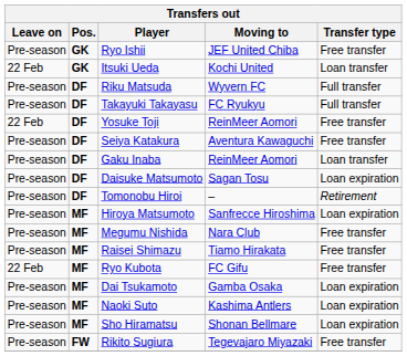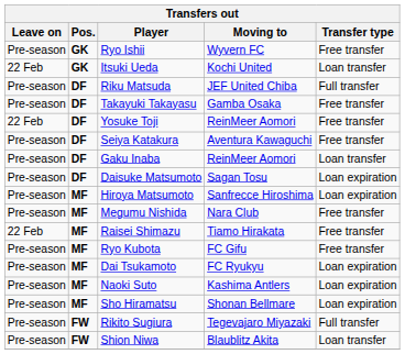 <table class="wikitable sortable" style=“text-align:left;>
 <tr>
 <th colspan="5">Transfers out</th>
 </tr>
 <tr>
 <th>Leave on</th>
 <th>Pos.</th>
 <th>Player</th>
 <th>Moving to</th>
 <th>Transfer type</th>
 </tr>
 <tr>
 <td>Pre-season</td>
 <td><strong>GK</strong></td>
 <td> <a href='#'>Ryo Ishii</a></td>
-<td> <a href='#'>JEF United Chiba</a></td>
+<td> <a href='#'>Wyvern FC</a></td>
 <td>Free transfer</td>
 </tr>
 <tr>
 <td>22 Feb</td>
 <td><strong>GK</strong></td>
 <td> <a href='#'>Itsuki Ueda</a></td>
 <td> <a href='#'>Kochi United</a></td>
 <td>Loan transfer</td>
 </tr>
 <tr>
 <td>Pre-season</td>
 <td><strong>DF</strong></td>
 <td> <a href='#'>Riku Matsuda</a></td>
-<td> <a href='#'>Wyvern FC</a></td>
+<td> <a href='#'>JEF United Chiba</a></td>
 <td>Full transfer</td>
 </tr>
 <tr>
 <td>Pre-season</td>
 <td><strong>DF</strong></td>
 <td> <a href='#'>Takayuki Takayasu</a></td>
-<td> <a href='#'>FC Ryukyu</a></td>
-<td>Full transfer</td>
+<td> <a href='#'>Gamba Osaka</a></td>
+<td>Free transfer</td>
 </tr>
 <tr>
 <td>22 Feb</td>
 <td><strong>DF</strong></td>
 <td> <a href='#'>Yosuke Toji</a></td>
 <td> <a href='#'>ReinMeer Aomori</a></td>
 <td>Free transfer</td>
 </tr>
 <tr>
 <td>Pre-season</td>
 <td><strong>DF</strong></td>
 <td> <a href='#'>Seiya Katakura</a></td>
 <td> <a href='#'>Aventura Kawaguchi</a></td>
 <td>Free transfer</td>
 </tr>
 <tr>
 <td>Pre-season</td>
 <td><strong>DF</strong></td>
 <td> <a href='#'>Gaku Inaba</a></td>
 <td> <a href='#'>ReinMeer Aomori</a></td>
 <td>Loan transfer</td>
 </tr>
 <tr>
 <td>Pre-season</td>
 <td><strong>DF</strong></td>
 <td> <a href='#'>Daisuke Matsumoto</a></td>
 <td> <a href='#'>Sagan Tosu</a></td>
 <td>Loan expiration</td>
 </tr>
 <tr>
 <td>Pre-season</td>
-<td><strong>DF</strong></td>
-<td> <a href='#'>Tomonobu Hiroi</a></td>
-<td>–</td>
-<td><em>Retirement</em></td>
-</tr>
-<tr>
-<td>Pre-season</td>
 <td><strong>MF</strong></td>
 <td> <a href='#'>Hiroya Matsumoto</a></td>
 <td> <a href='#'>Sanfrecce Hiroshima</a></td>
 <td>Loan expiration</td>
 </tr>
 <tr>
 <td>Pre-season</td>
 <td><strong>MF</strong></td>
 <td> <a href='#'>Megumu Nishida</a></td>
 <td> <a href='#'>Nara Club</a></td>
 <td>Free transfer</td>
 </tr>
 <tr>
-<td>Pre-season</td>
+<td>22 Feb</td>
 <td><strong>MF</strong></td>
 <td> <a href='#'>Raisei Shimazu</a></td>
 <td> <a href='#'>Tiamo Hirakata</a></td>
 <td>Free transfer</td>
 </tr>
 <tr>
-<td>22 Feb</td>
+<td>Pre-season</td>
 <td><strong>MF</strong></td>
 <td> <a href='#'>Ryo Kubota</a></td>
 <td> <a href='#'>FC Gifu</a></td>
 <td>Free transfer</td>
 </tr>
 <tr>
 <td>Pre-season</td>
 <td><strong>MF</strong></td>
 <td> <a href='#'>Dai Tsukamoto</a></td>
-<td> <a href='#'>Gamba Osaka</a></td>
+<td> <a href='#'>FC Ryukyu</a></td>
 <td>Loan expiration</td>
 </tr>
 <tr>
 <td>Pre-season</td>
 <td><strong>MF</strong></td>
 <td> <a href='#'>Naoki Suto</a></td>
 <td> <a href='#'>Kashima Antlers</a></td>
 <td>Loan expiration</td>
 </tr>
 <tr>
 <td>Pre-season</td>
 <td><strong>MF</strong></td>
 <td> <a href='#'>Sho Hiramatsu</a></td>
 <td> <a href='#'>Shonan Bellmare</a></td>
 <td>Loan expiration</td>
 </tr>
 <tr>
 <td>Pre-season</td>
 <td><strong>FW</strong></td>
 <td> <a href='#'>Rikito Sugiura</a></td>
 <td> <a href='#'>Tegevajaro Miyazaki</a></td>
-<td>Free transfer</td>
+<td>Full transfer</td>
+</tr>
+<tr>
+<td>Pre-season</td>
+<td><strong>FW</strong></td>
+<td> <a href='#'>Shion Niwa</a></td>
+<td> <a href='#'>Blaublitz Akita</a></td>
+<td>Loan transfer</td>
 </tr>
 <tr>
 </tr>
 </table>
